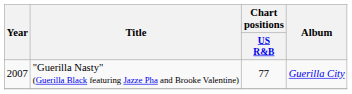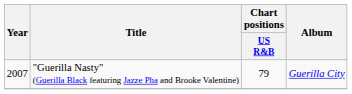 <table class="wikitable" style=text-align:center;>
 <tr>
 <th rowspan="2">Year</th>
 <th rowspan="2">Title</th>
 <th colspan="1">Chart positions</th>
 <th rowspan="2">Album</th>
 </tr>
 <tr>
 <th scope="col" style="width:3em;font-size:90%;"><a href='#'>US<br>R&B</a></th>
 </tr>
 <tr>
 <td align=center>2007</td>
 <td align=left>"Guerilla Nasty" <br><small>(<a href='#'>Guerilla Black</a> featuring <a href='#'>Jazze Pha</a> and Brooke Valentine)</small></td>
-<td align=center>77</td>
+<td align=center>79</td>
 <td align=left><em><a href='#'>Guerilla City</a></em></td>
 </tr>
 <tr>
 </tr>
 </table>
